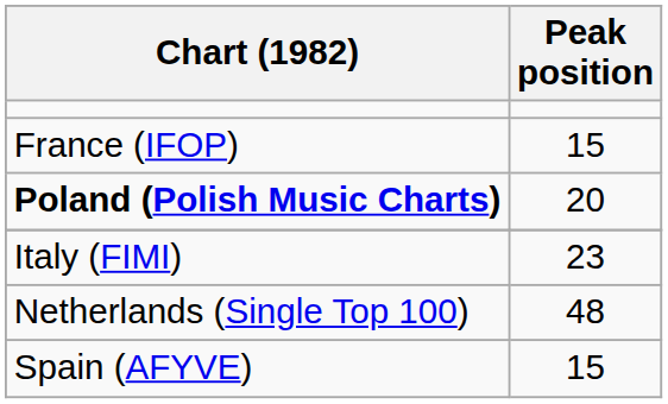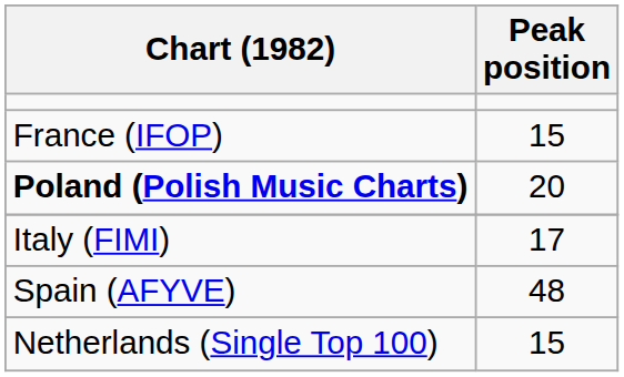 <table class="wikitable sortable">
 <tr>
 <th>Chart (1982)</th>
 <th>Peak <br>position</th>
 </tr>
 <tr>
 <td></td>
 </tr>
 <tr>
 <td align="left">France (<a href='#'>IFOP</a>)</td>
 <td align="center">15</td>
 </tr>
 <tr>
 <td align="left"><strong>Poland (<a href='#'>Polish Music Charts</a>)</strong></td>
 <td align="center">20</td>
 </tr>
 <tr>
 </tr>
 <tr>
 <td align="left">Italy (<a href='#'>FIMI</a>)</td>
-<td align="center">23</td>
+<td align="center">17</td>
+</tr>
+<tr>
+<td align="left">Spain (<a href='#'>AFYVE</a>)</td>
+<td align="center">48</td>
 </tr>
 <tr>
 <td align="left">Netherlands (<a href='#'>Single Top 100</a>)</td>
-<td align="center">48</td>
-</tr>
-<tr>
-<td align="left">Spain (<a href='#'>AFYVE</a>)</td>
 <td align="center">15</td>
 </tr>
 </table>
